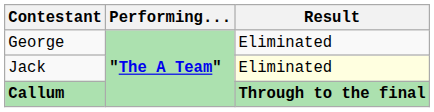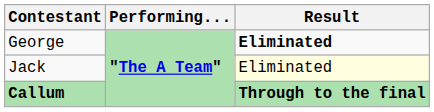 <table class="wikitable">
 <tr>
 <th>Contestant</th>
 <th>Performing...</th>
 <th>Result</th>
 </tr>
 <tr>
 <td>George</td>
 <td style="background:#ACE1AF;"rowspan="3"><strong>"<a href='#'>The A Team</a>"</strong></td>
-<td>Eliminated</td>
+<td><strong>Eliminated</strong></td>
 </tr>
 <tr>
 <td>Jack</td>
 <td style="background: lightyellow;">Eliminated</td>
 </tr>
 <tr>
 <td style="background:#ACE1AF;"><strong>Callum</strong></td>
 <td style="background:#ACE1AF;"><strong>Through to the final</strong></td>
 </tr>
 </table>
